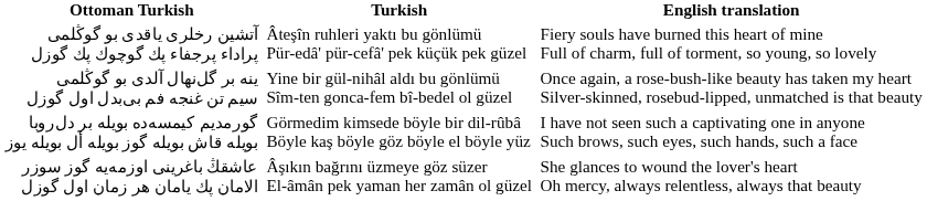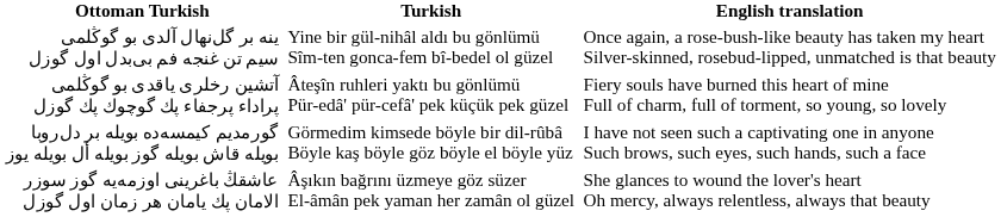 <table>
 <tr>
 <th align="center">Ottoman Turkish</th>
 <th align="center"></th>
 <th align="center">Turkish</th>
 <th align="center"></th>
 <th align="center">English translation</th>
 </tr>
 <tr>
+<td style="text-align:right;"><span>ینه بر گل‌نهال آلدی بو گوڭلمی</span><br><span>سیم تن غنجه فم بی‌بدل اول گوزل</span></td>
+<td></td>
+<td><span>Yine bir gül-nihâl aldı bu gönlümü</span><br><span>Sîm-ten gonca-fem bî-bedel ol güzel</span></td>
+<td></td>
+<td>Once again, a rose-bush-like beauty has taken my heart<br>Silver-skinned, rosebud-lipped, unmatched is that beauty</td>
+</tr>
+<tr>
 <td style="text-align:right;"><span>آتشین رخلری یاقدی بو گوڭلمی</span><br><span>پر‌اداء پر‌جفاء پك گوچوك پك گوزل</span></td>
 <td></td>
 <td><span>Âteşîn ruhleri yaktı bu gönlümü</span><br><span>Pür-edâ' pür-cefâ' pek küçük pek güzel</span></td>
 <td></td>
 <td>Fiery souls have burned this heart of mine<br>Full of charm, full of torment, so young, so lovely</td>
-</tr>
-<tr>
-<td style="text-align:right;"><span>ینه بر گل‌نهال آلدی بو گوڭلمی</span><br><span>سیم تن غنجه فم بی‌بدل اول گوزل</span></td>
-<td></td>
-<td><span>Yine bir gül-nihâl aldı bu gönlümü</span><br><span>Sîm-ten gonca-fem bî-bedel ol güzel</span></td>
-<td></td>
-<td>Once again, a rose-bush-like beauty has taken my heart<br>Silver-skinned, rosebud-lipped, unmatched is that beauty</td>
 </tr>
 <tr>
 <td style="text-align:right;"><span>گورمدیم كیمسه‌ده بویله بر دل‌روبا</span><br><span>بویله قاش بویله گوز بویله أل بویله یوز</span></td>
 <td></td>
 <td><span>Görmedim kimsede böyle bir dil-rûbâ</span><br><span>Böyle kaş böyle göz böyle el böyle yüz</span></td>
 <td></td>
 <td>I have not seen such a captivating one in anyone<br>Such brows, such eyes, such hands, such a face</td>
 </tr>
 <tr>
 <td style="text-align:right;"><span>عاشقڭ باغرینی اوزمه‌یه گوز سوزر</span><br><span>الامان پك يامان هر زمان اول گوزل</span></td>
 <td></td>
 <td><span>Âşıkın bağrını üzmeye göz süzer</span><br><span>El-âmân pek yaman her zamân ol güzel</span></td>
 <td></td>
 <td>She glances to wound the lover's heart<br>Oh mercy, always relentless, always that beauty</td>
 </tr>
 </table>
